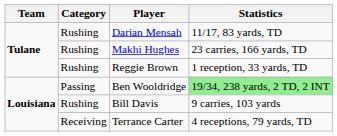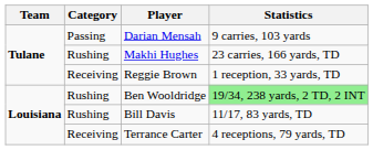 <table class="wikitable" style="float: right;">
 <tr>
 <th>Team</th>
 <th>Category</th>
 <th>Player</th>
 <th>Statistics</th>
 </tr>
 <tr>
 <td rowspan=3><strong>Tulane</strong></td>
-<td>Rushing</td>
+<td>Passing</td>
 <td><a href='#'>Darian Mensah</a></td>
-<td>11/17, 83 yards, TD</td>
+<td>9 carries, 103 yards</td>
 </tr>
 <tr>
 <td>Rushing</td>
 <td><a href='#'>Makhi Hughes</a></td>
 <td>23 carries, 166 yards, TD</td>
 </tr>
 <tr>
-<td>Rushing</td>
+<td>Receiving</td>
 <td>Reggie Brown</td>
 <td>1 reception, 33 yards, TD</td>
 </tr>
 <tr>
 <td rowspan=3><strong>Louisiana</strong></td>
-<td>Passing</td>
+<td>Rushing</td>
 <td>Ben Wooldridge</td>
 <td style="background: lightgreen;">19/34, 238 yards, 2 TD, 2 INT</td>
 </tr>
 <tr>
 <td>Rushing</td>
 <td>Bill Davis</td>
-<td>9 carries, 103 yards</td>
+<td>11/17, 83 yards, TD</td>
 </tr>
 <tr>
 <td>Receiving</td>
 <td>Terrance Carter</td>
 <td>4 receptions, 79 yards, TD</td>
 </tr>
 </table>
